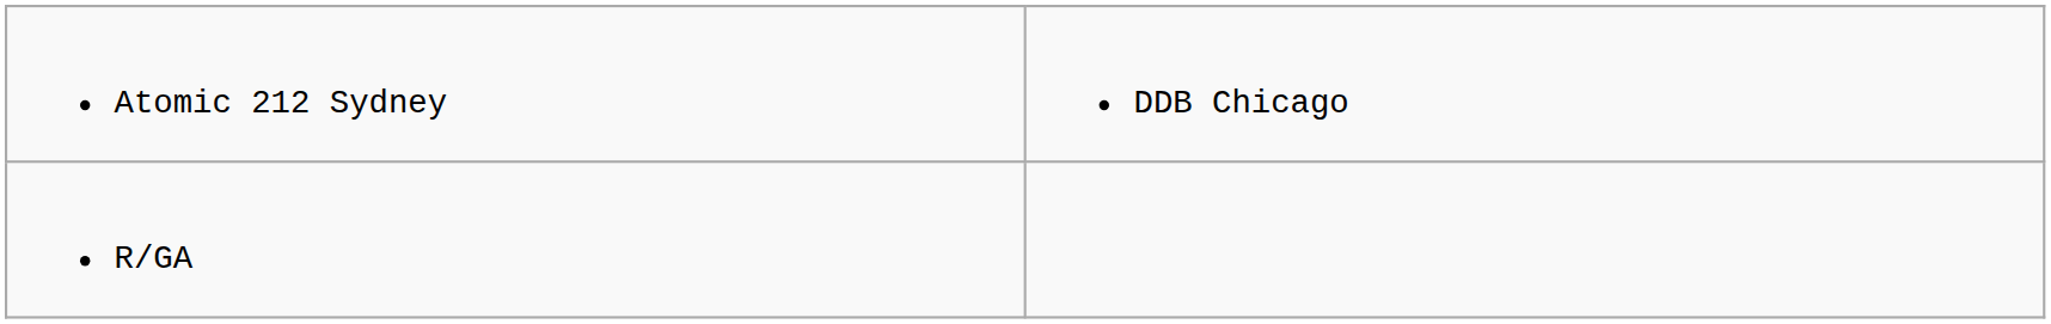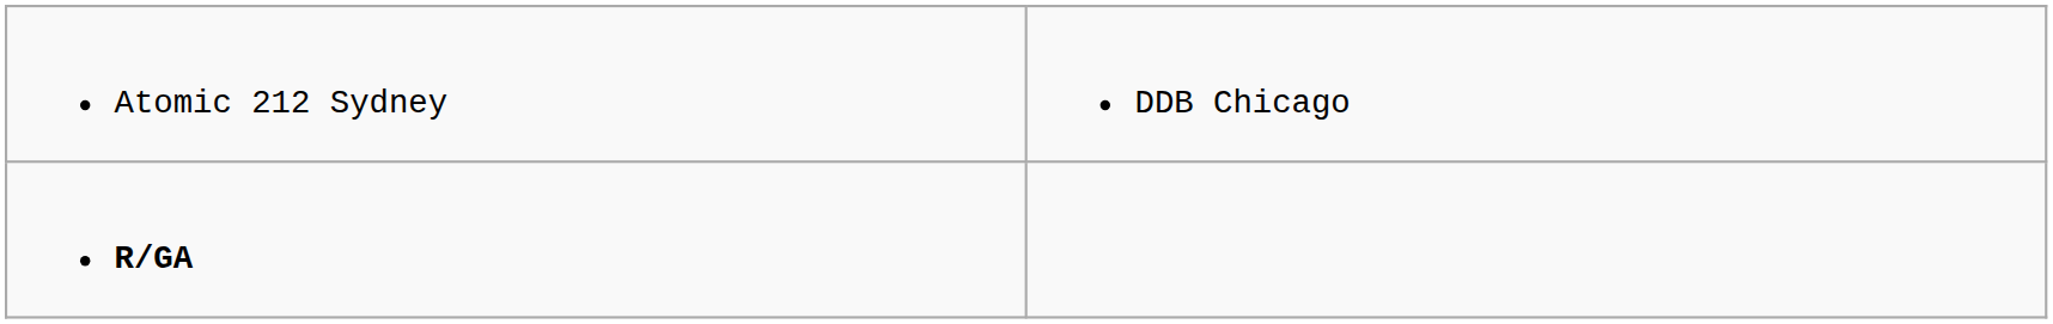 <table class=wikitable>
 <tr>
 <td valign="top" width="400px"><br><ul><li>Atomic 212 Sydney</li></ul></td>
 <td valign="top" width="400px"><br><ul><li>DDB Chicago</li></ul></td>
 </tr>
 <tr>
-<td valign="top" width="400px"><br><ul><li>R/GA</li></ul></td>
+<td valign="top" width="400px"><strong><br><ul><li>R/GA</li></ul></strong></td>
 </tr>
 </table>
